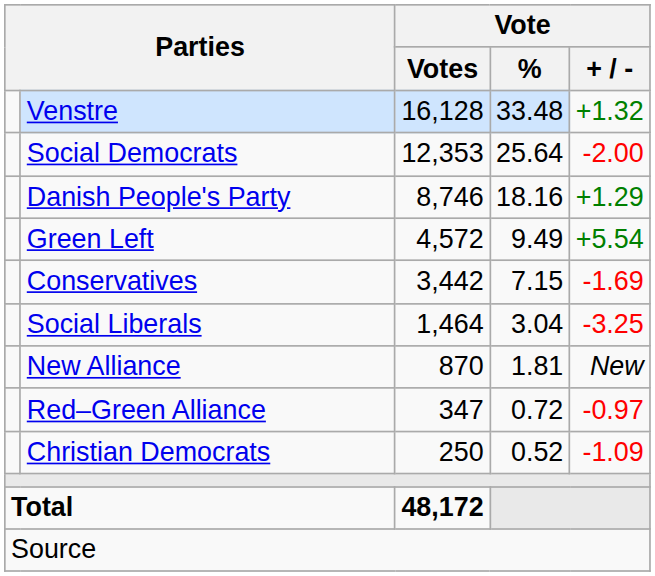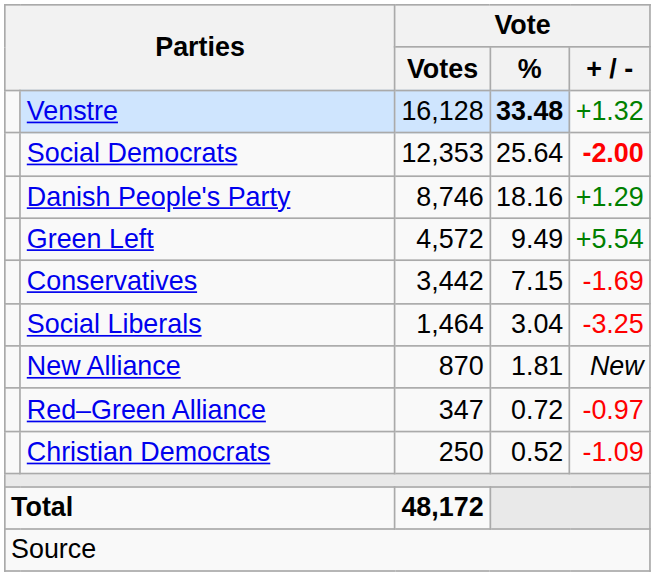 <table class="wikitable" style="text-align:right;">
 <tr>
 <th style="text-align:centre;" rowspan="2" colspan="2" width="225">Parties</th>
 <th colspan="3">Vote</th>
 </tr>
 <tr>
 <th width="15">Votes</th>
 <th width="15">%</th>
 <th width="15">+ / -</th>
 </tr>
 <tr>
 <td width="2" style="color:inherit;background:"></td>
 <td bgcolor=#cfe5fe  align="left"><a href='#'>Venstre</a></td>
 <td bgcolor=#cfe5fe>16,128</td>
-<td bgcolor=#cfe5fe>33.48</td>
+<td bgcolor=#cfe5fe><strong>33.48</strong></td>
 <td style=color:green;>+1.32</td>
 </tr>
 <tr>
 <td width="2" style="color:inherit;background:"></td>
 <td align="left"><a href='#'>Social Democrats</a></td>
 <td>12,353</td>
 <td>25.64</td>
-<td style=color:red;>-2.00</td>
+<td style=color:red;><strong>-2.00</strong></td>
 </tr>
 <tr>
 <td width="2" style="color:inherit;background:"></td>
 <td align="left"><a href='#'>Danish People's Party</a></td>
 <td>8,746</td>
 <td>18.16</td>
 <td style=color:green;>+1.29</td>
 </tr>
 <tr>
 <td width="2" style="color:inherit;background:"></td>
 <td align="left"><a href='#'>Green Left</a></td>
 <td>4,572</td>
 <td>9.49</td>
 <td style=color:green;>+5.54</td>
 </tr>
 <tr>
 <td width="2" style="color:inherit;background:"></td>
 <td align="left"><a href='#'>Conservatives</a></td>
 <td>3,442</td>
 <td>7.15</td>
 <td style=color:red;>-1.69</td>
 </tr>
 <tr>
 <td width="2" style="color:inherit;background:"></td>
 <td align="left"><a href='#'>Social Liberals</a></td>
 <td>1,464</td>
 <td>3.04</td>
 <td style=color:red;>-3.25</td>
 </tr>
 <tr>
 <td width="2" style="color:inherit;background:"></td>
 <td align="left"><a href='#'>New Alliance</a></td>
 <td>870</td>
 <td>1.81</td>
 <td><em>New</em></td>
 </tr>
 <tr>
 <td width="2" style="color:inherit;background:"></td>
 <td align="left"><a href='#'>Red–Green Alliance</a></td>
 <td>347</td>
 <td>0.72</td>
 <td style=color:red;>-0.97</td>
 </tr>
 <tr>
 <td width="2" style="color:inherit;background:"></td>
 <td align="left"><a href='#'>Christian Democrats</a></td>
 <td>250</td>
 <td>0.52</td>
 <td style=color:red;>-1.09</td>
 </tr>
 <tr>
 <td colspan="7" bgcolor="#E9E9E9"></td>
 </tr>
 <tr>
 <td align="left" colspan="2"><strong>Total</strong></td>
 <td><strong>48,172</strong></td>
 <td bgcolor="#E9E9E9" colspan="2"></td>
 </tr>
 <tr>
 <td align="left" colspan="6">Source</td>
 </tr>
 </table>
